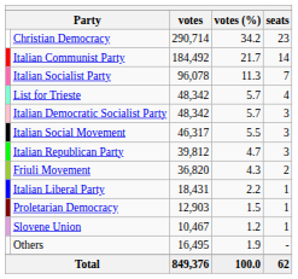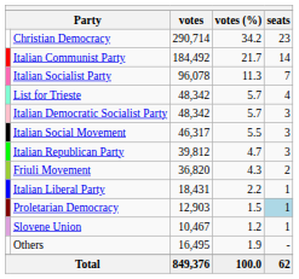 <table class="wikitable" style="font-size:95%">
 <tr>
 <th colspan=5></th>
 </tr>
 <tr>
 </tr>
 <tr bgcolor="EFEFEF">
 <th colspan=2>Party</th>
 <th>votes</th>
 <th>votes (%)</th>
 <th>seats</th>
 </tr>
 <tr>
 <td bgcolor=White></td>
 <td><a href='#'>Christian Democracy</a></td>
 <td align=right>290,714</td>
 <td align=right>34.2</td>
 <td align=right>23</td>
 </tr>
 <tr>
 <td bgcolor=Red></td>
 <td><a href='#'>Italian Communist Party</a></td>
 <td align=right>184,492</td>
 <td align=right>21.7</td>
 <td align=right>14</td>
 </tr>
 <tr>
 <td bgcolor=Hotpink></td>
 <td><a href='#'>Italian Socialist Party</a></td>
 <td align=right>96,078</td>
 <td align=right>11.3</td>
 <td align=right>7</td>
 </tr>
 <tr>
 <td bgcolor=Aquamarine></td>
 <td><a href='#'>List for Trieste</a></td>
 <td align=right>48,342</td>
 <td align=right>5.7</td>
 <td align=right>4</td>
 </tr>
 <tr>
 <td bgcolor=Pink></td>
 <td><a href='#'>Italian Democratic Socialist Party</a></td>
 <td align=right>48,342</td>
 <td align=right>5.7</td>
 <td align=right>3</td>
 </tr>
 <tr>
 <td bgcolor=Black></td>
 <td><a href='#'>Italian Social Movement</a></td>
 <td align=right>46,317</td>
 <td align=right>5.5</td>
 <td align=right>3</td>
 </tr>
 <tr>
 <td bgcolor=Lime></td>
 <td><a href='#'>Italian Republican Party</a></td>
 <td align=right>39,812</td>
 <td align=right>4.7</td>
 <td align=right>3</td>
 </tr>
 <tr>
 <td bgcolor=Yellowgreen></td>
 <td><a href='#'>Friuli Movement</a></td>
 <td align=right>36,820</td>
 <td align=right>4.3</td>
 <td align=right>2</td>
 </tr>
 <tr>
 <td bgcolor=Blue></td>
 <td><a href='#'>Italian Liberal Party</a></td>
 <td align=right>18,431</td>
 <td align=right>2.2</td>
 <td align=right>1</td>
 </tr>
 <tr>
 <td bgcolor=Maroon></td>
 <td><a href='#'>Proletarian Democracy</a></td>
 <td align=right>12,903</td>
 <td align=right>1.5</td>
-<td align=right>1</td>
+<td align=right style="background: lightblue;">1</td>
 </tr>
 <tr>
 <td bgcolor=Plum></td>
 <td><a href='#'>Slovene Union</a></td>
 <td align=right>10,467</td>
 <td align=right>1.2</td>
 <td align=right>1</td>
 </tr>
 <tr>
 <td bgcolor=></td>
 <td>Others</td>
 <td align=right>16,495</td>
 <td align=right>1.9</td>
 <td align=right>-</td>
 </tr>
 <tr>
 </tr>
 <tr bgcolor="EFEFEF">
 <th colspan=2><strong>Total</strong></th>
 <td align=right><strong>849,376</strong></td>
 <td align=right><strong>100.0</strong></td>
 <td align=right><strong>62</strong></td>
 </tr>
 </table>
